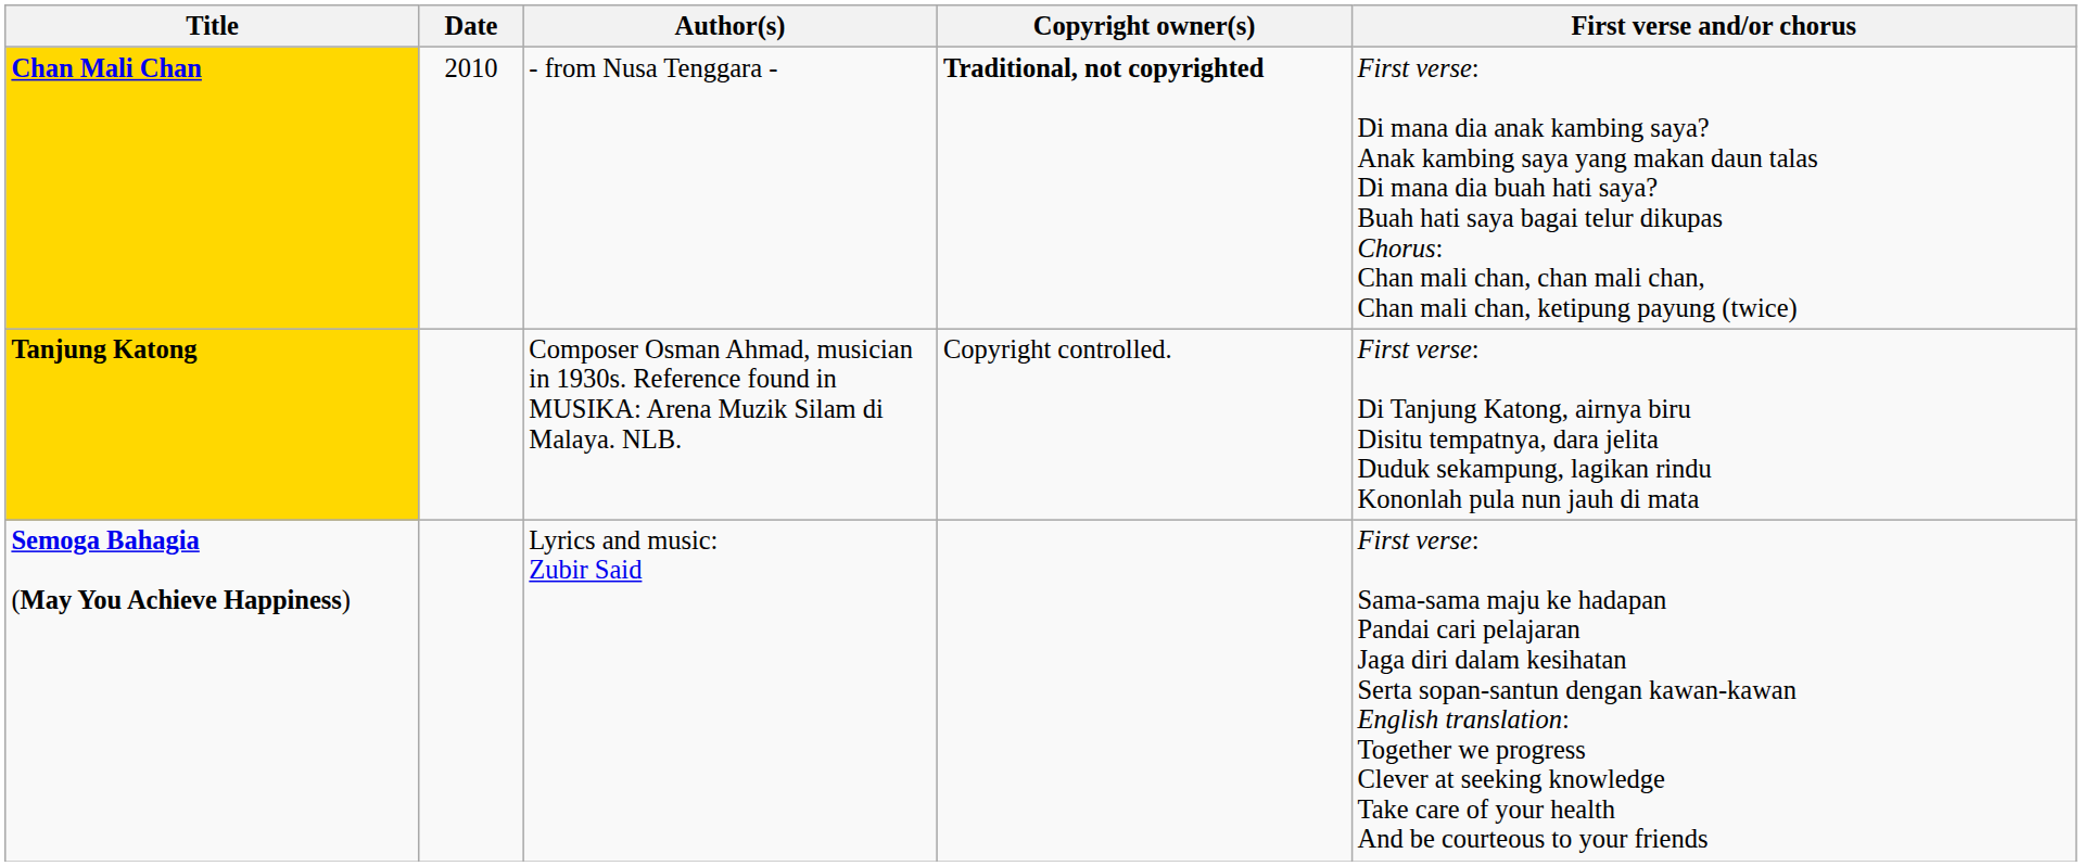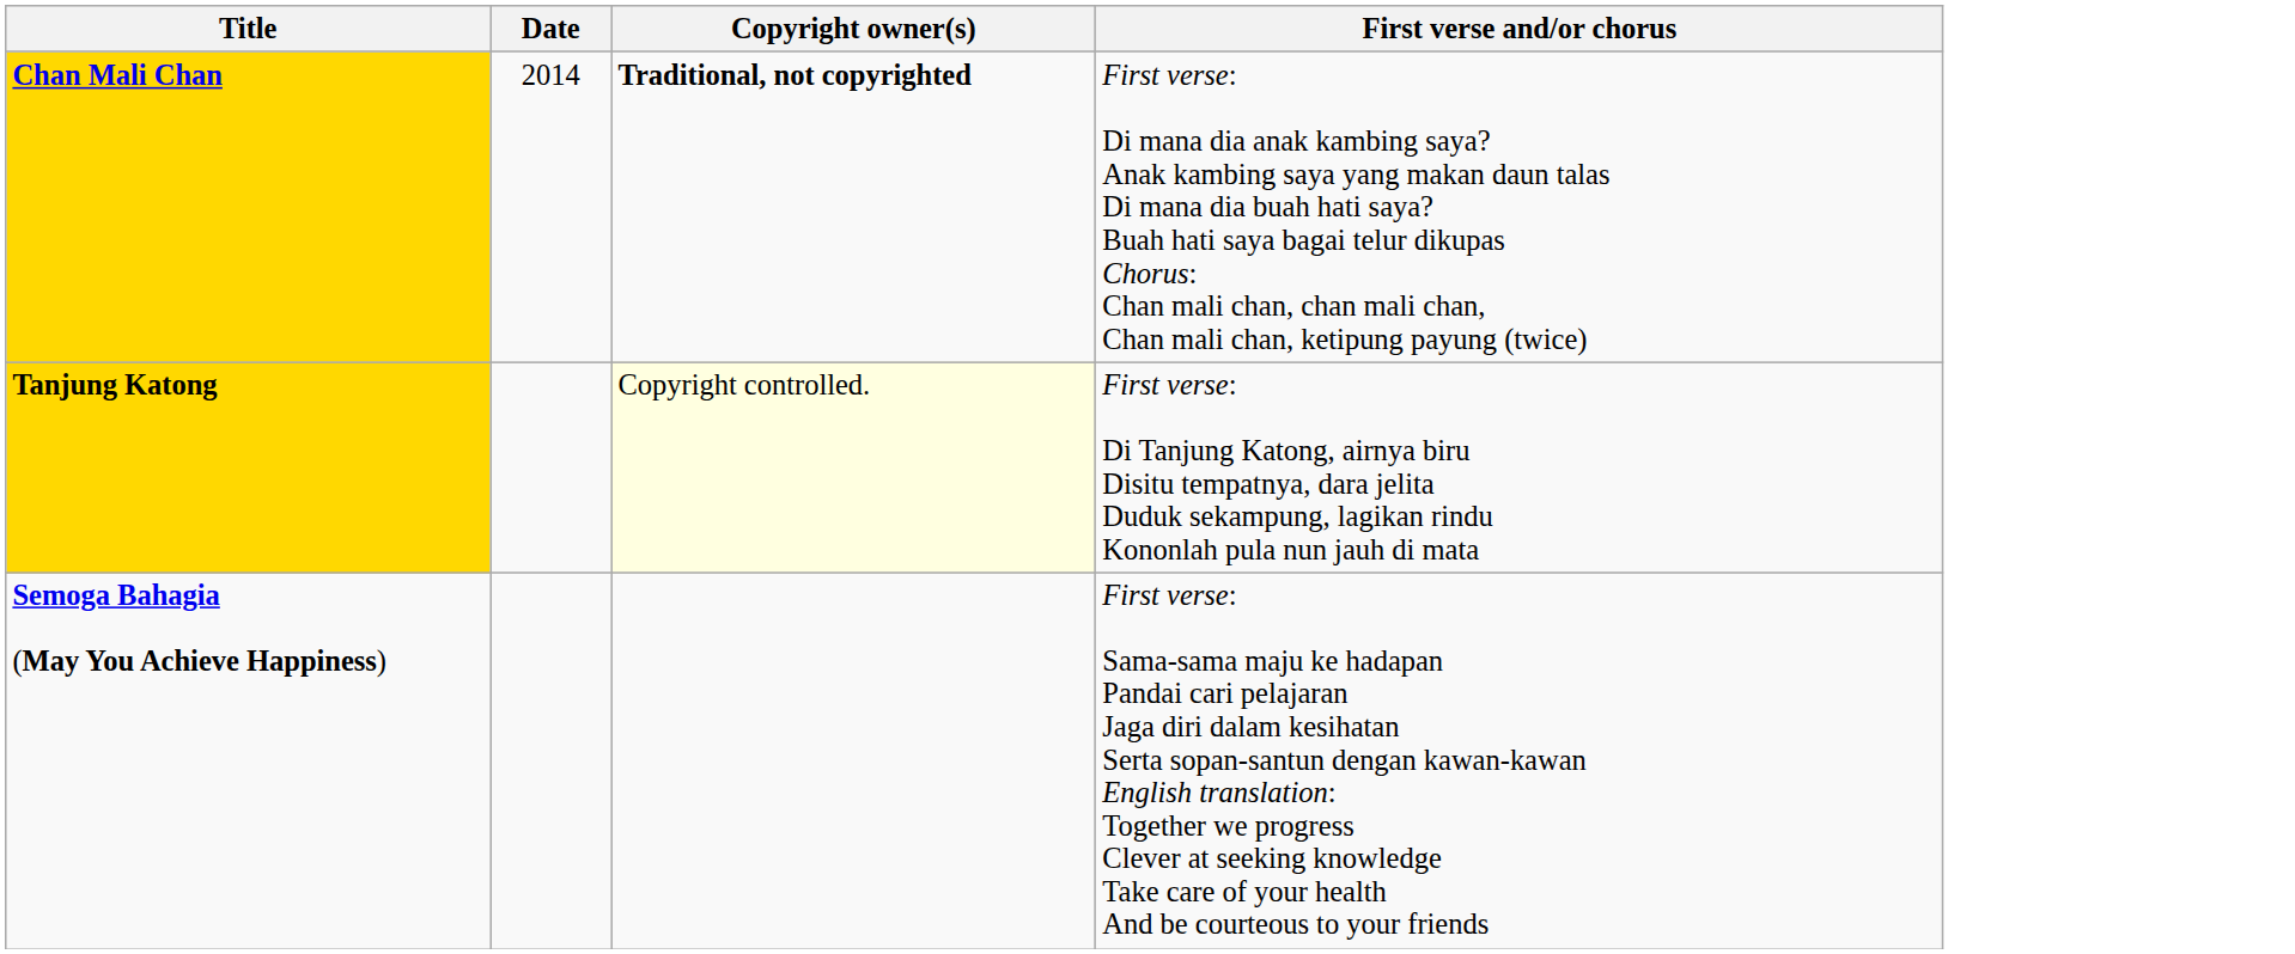 <table class="wikitable sortable">
 <tr>
 <th width=20%>Title</th>
 <th width=5%>Date</th>
-<th width=20%>Author(s)</th>
 <th width=20%>Copyright owner(s)</th>
 <th width=35%>First verse and/or chorus</th>
 </tr>
 <tr valign=top>
 <td bgcolor=#FFD800><strong><a href='#'>Chan Mali Chan</a></strong></td>
-<td align=center>2010</td>
-<td>- from Nusa Tenggara -</td>
+<td align=center>2014</td>
 <td><strong>Traditional, not copyrighted</strong></td>
 <td><em>First verse</em>:<br><br>Di mana dia anak kambing saya?<br> Anak kambing saya yang makan daun talas<br> Di mana dia buah hati saya?<br> Buah hati saya bagai telur dikupas<br><em>Chorus</em>:<br> Chan mali chan, chan mali chan,<br> Chan mali chan, ketipung payung (twice)</td>
 </tr>
 <tr valign=top>
 <td bgcolor=#FFD800><strong>Tanjung Katong</strong></td>
 <td align=center></td>
-<td>Composer Osman Ahmad, musician in 1930s. Reference found in MUSIKA: Arena Muzik Silam di Malaya. NLB.</td>
-<td>Copyright controlled.</td>
+<td style="background: lightyellow;">Copyright controlled.</td>
 <td><em>First verse</em>:<br><br>Di Tanjung Katong, airnya biru<br> Disitu tempatnya, dara jelita<br> Duduk sekampung, lagikan rindu<br> Kononlah pula nun jauh di mata</td>
 </tr>
 <tr valign=top>
 <td><strong><a href='#'>Semoga Bahagia</a></strong><br><br>(<strong>May You Achieve Happiness</strong>)</td>
 <td align=center></td>
-<td>Lyrics and music:<br><a href='#'>Zubir Said</a></td>
 <td></td>
 <td><em>First verse</em>:<br><br>Sama-sama maju ke hadapan<br> Pandai cari pelajaran<br> Jaga diri dalam kesihatan<br>  Serta sopan-santun dengan kawan-kawan<br><em>English translation</em>:<br> Together we progress<br> Clever at seeking knowledge<br> Take care of your health<br> And be courteous to your friends</td>
 </tr>
 </table>
